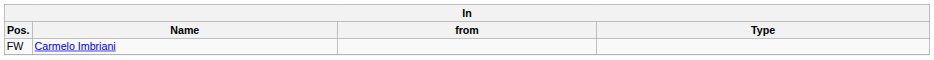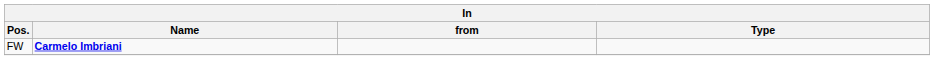 <table class="wikitable" style="font-size:90%;width:99%;">
 <tr>
 <th colspan="4">In</th>
 </tr>
 <tr>
 <th width=3%>Pos.</th>
 <th width=33%>Name</th>
 <th width=28%>from</th>
 <th width=36%>Type</th>
 </tr>
 <tr>
 <td>FW</td>
-<td><a href='#'>Carmelo Imbriani</a></td>
+<td><strong><a href='#'>Carmelo Imbriani</a></strong></td>
 <td></td>
 <td></td>
 </tr>
 <tr>
 </tr>
 </table>
